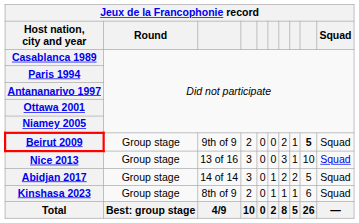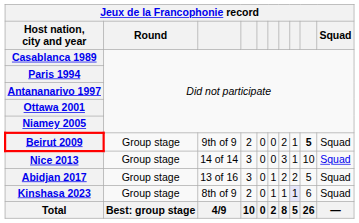 <table class="wikitable plainrowheaders" style="min-width:50%; font-size:90%; text-align:center;">
 <tr>
 <th colspan="10" style="width:80px;"><a href='#'>Jeux de la Francophonie</a> record</th>
 </tr>
 <tr>
 <th scope="col">Host nation, <br>city and year</th>
 <th scope="col">Round</th>
 <th scope="col"></th>
 <th scope="col"></th>
 <th scope="col"></th>
 <th scope="col"></th>
 <th scope="col"></th>
 <th scope="col"></th>
 <th scope="col"></th>
 <th scope="col">Squad</th>
 </tr>
 <tr>
 <th scope="row"> <a href='#'>Casablanca 1989</a></th>
 <td colspan="9" rowspan="5"><em>Did not participate</em></td>
 </tr>
 <tr>
 <th scope="row"> <a href='#'>Paris 1994</a></th>
 </tr>
 <tr>
 <th scope="row"> <a href='#'>Antananarivo 1997</a></th>
 </tr>
 <tr>
 <th scope="row"> <a href='#'>Ottawa 2001</a></th>
 </tr>
 <tr>
 <th scope="row"> <a href='#'>Niamey 2005</a></th>
 </tr>
 <tr>
 <th style="border: 3px solid red" scope="row"> <a href='#'>Beirut 2009</a></th>
 <td>Group stage</td>
 <td>9th of 9</td>
 <td>2</td>
 <td>0</td>
 <td>0</td>
 <td>2</td>
 <td>1</td>
 <td><strong>5</strong></td>
 <td>Squad</td>
 </tr>
 <tr>
 <th scope="row"> <a href='#'>Nice 2013</a></th>
 <td>Group stage</td>
-<td>13 of 16</td>
+<td>14 of 14</td>
 <td>3</td>
 <td>0</td>
 <td>0</td>
 <td>3</td>
 <td>1</td>
 <td>10</td>
 <td><a href='#'>Squad</a></td>
 </tr>
 <tr>
 <th scope="row"> <a href='#'>Abidjan 2017</a></th>
 <td>Group stage</td>
-<td>14 of 14</td>
+<td>13 of 16</td>
 <td>3</td>
 <td>0</td>
 <td>1</td>
 <td>2</td>
 <td>2</td>
 <td>5</td>
 <td>Squad</td>
 </tr>
 <tr>
 <th scope="row"> <a href='#'>Kinshasa 2023</a></th>
 <td>Group stage</td>
 <td>8th of 9</td>
 <td>2</td>
 <td>0</td>
 <td>1</td>
 <td>1</td>
-<td>1</td>
+<td style="background: lavender;">1</td>
 <td>6</td>
 <td>Squad</td>
 </tr>
 <tr>
 <th>Total</th>
 <th>Best: group stage</th>
 <th>4/9</th>
 <th>10</th>
 <th>0</th>
 <th>2</th>
 <th>8</th>
 <th>5</th>
 <th>26</th>
 <th>—</th>
 </tr>
 </table>
